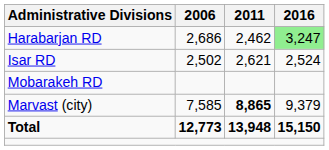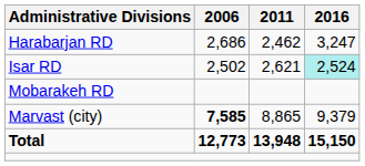 <table class="wikitable">
 <tr>
 <th>Administrative Divisions</th>
 <th>2006</th>
 <th>2011</th>
 <th>2016</th>
 </tr>
 <tr>
 <td><a href='#'>Harabarjan RD</a></td>
 <td style="text-align: right;">2,686</td>
 <td style="text-align: right;">2,462</td>
-<td style="background: lightgreen; text-align: right;">3,247</td>
+<td style="text-align: right;">3,247</td>
 </tr>
 <tr>
 <td><a href='#'>Isar RD</a></td>
 <td style="text-align: right;">2,502</td>
 <td style="text-align: right;">2,621</td>
-<td style="text-align: right;">2,524</td>
+<td style="background: paleturquoise; text-align: right;">2,524</td>
 </tr>
 <tr>
 <td><a href='#'>Mobarakeh RD</a></td>
 <td style="text-align: right;"></td>
 <td style="text-align: right;"></td>
 <td style="text-align: right;"></td>
 </tr>
 <tr>
 <td><a href='#'>Marvast</a> (city)</td>
-<td style="text-align: right;">7,585</td>
-<td style="text-align: right;"><strong>8,865</strong></td>
+<td style="text-align: right;"><strong>7,585</strong></td>
+<td style="text-align: right;">8,865</td>
 <td style="text-align: right;">9,379</td>
 </tr>
 <tr>
 <td><strong>Total</strong></td>
 <td style="text-align: right;"><strong>12,773</strong></td>
 <td style="text-align: right;"><strong>13,948</strong></td>
 <td style="text-align: right;"><strong>15,150</strong></td>
 </tr>
 <tr>
 <td colspan=4></td>
 </tr>
 </table>
